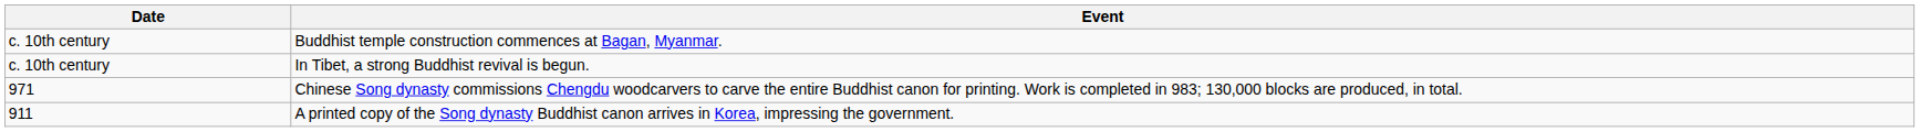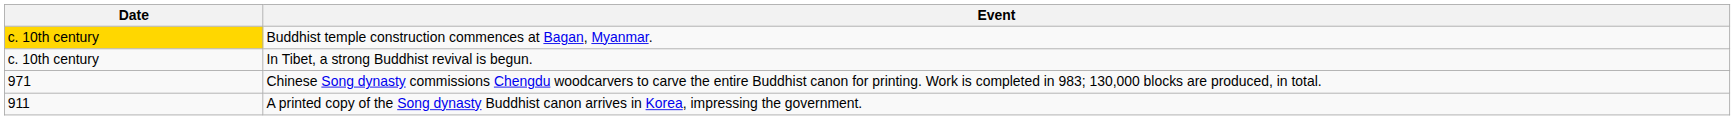 <table class="wikitable" width="100%">
 <tr>
 <th style="width:15%">Date</th>
 <th>Event</th>
 </tr>
 <tr>
-<td>c. 10th century</td>
+<td style="background: gold;">c. 10th century</td>
 <td>Buddhist temple construction commences at <a href='#'>Bagan</a>, <a href='#'>Myanmar</a>.</td>
 </tr>
 <tr>
 <td>c. 10th century</td>
 <td>In Tibet, a strong Buddhist revival is begun.</td>
 </tr>
 <tr>
 <td>971</td>
 <td>Chinese <a href='#'>Song dynasty</a> commissions <a href='#'>Chengdu</a> woodcarvers to carve the entire Buddhist canon for printing. Work is completed in 983; 130,000 blocks are produced, in total.</td>
 </tr>
 <tr>
 <td>911</td>
 <td>A printed copy of the <a href='#'>Song dynasty</a> Buddhist canon arrives in <a href='#'>Korea</a>, impressing the government.</td>
 </tr>
 </table>
